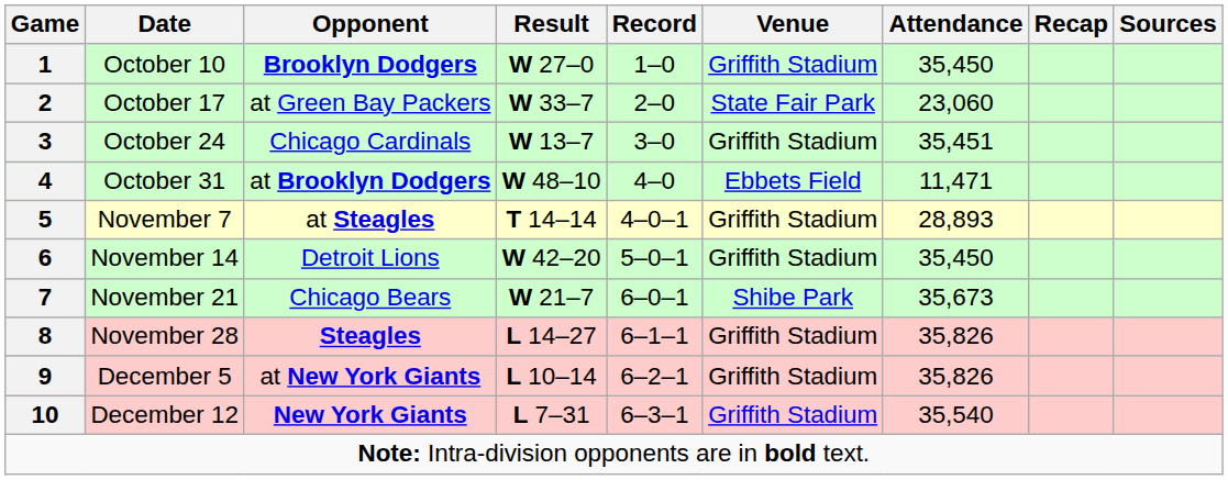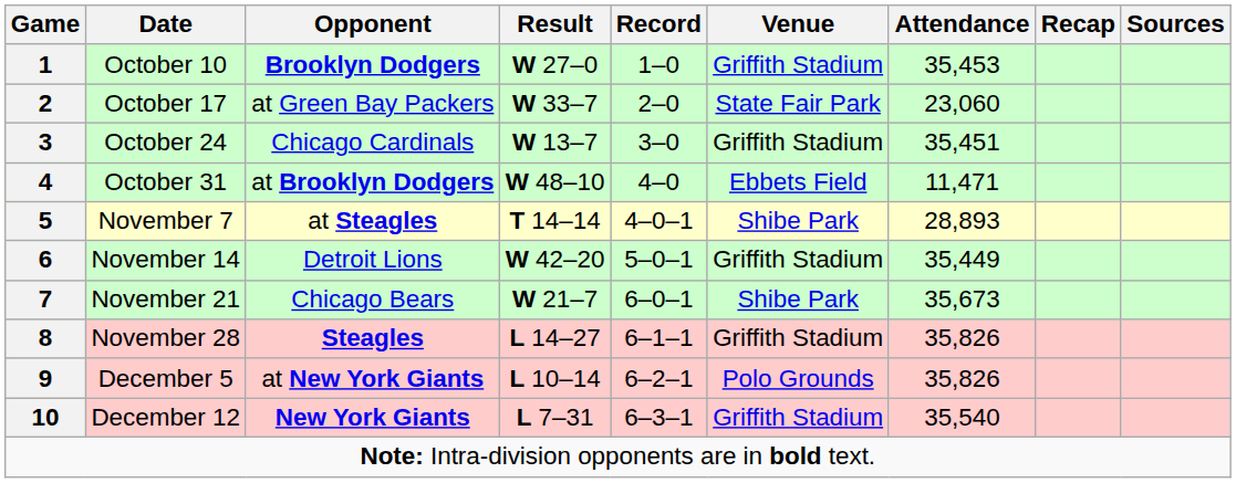 <table class="wikitable" style="text-align:center">
 <tr>
 <th>Game</th>
 <th>Date</th>
 <th>Opponent</th>
 <th>Result</th>
 <th>Record</th>
 <th>Venue</th>
 <th>Attendance</th>
 <th>Recap</th>
 <th>Sources</th>
 </tr>
 <tr style="background:#cfc">
 <th>1</th>
 <td>October 10</td>
 <td><strong><a href='#'>Brooklyn Dodgers</a></strong></td>
 <td><strong>W</strong> 27–0</td>
 <td>1–0</td>
 <td><a href='#'>Griffith Stadium</a></td>
-<td>35,450</td>
+<td>35,453</td>
 <td></td>
 <td></td>
 </tr>
 <tr style="background:#cfc">
 <th>2</th>
 <td>October 17</td>
 <td>at <a href='#'>Green Bay Packers</a></td>
 <td><strong>W</strong> 33–7</td>
 <td>2–0</td>
 <td><a href='#'>State Fair Park</a></td>
 <td>23,060</td>
 <td></td>
 <td></td>
 </tr>
 <tr style="background:#cfc">
 <th>3</th>
 <td>October 24</td>
 <td><a href='#'>Chicago Cardinals</a></td>
 <td><strong>W</strong> 13–7</td>
 <td>3–0</td>
 <td>Griffith Stadium</td>
 <td>35,451</td>
 <td></td>
 <td></td>
 </tr>
 <tr style="background:#cfc">
 <th>4</th>
 <td>October 31</td>
 <td>at <strong><a href='#'>Brooklyn Dodgers</a></strong></td>
 <td><strong>W</strong> 48–10</td>
 <td>4–0</td>
 <td><a href='#'>Ebbets Field</a></td>
 <td>11,471</td>
 <td></td>
 <td></td>
 </tr>
 <tr style="background:#ffc">
 <th>5</th>
 <td>November 7</td>
 <td>at <strong><a href='#'>Steagles</a></strong></td>
 <td><strong>T</strong> 14–14</td>
 <td>4–0–1</td>
-<td>Griffith Stadium</td>
+<td><a href='#'>Shibe Park</a></td>
 <td>28,893</td>
 <td></td>
 <td></td>
 </tr>
 <tr style="background:#cfc">
 <th>6</th>
 <td>November 14</td>
 <td><a href='#'>Detroit Lions</a></td>
 <td><strong>W</strong> 42–20</td>
 <td>5–0–1</td>
 <td>Griffith Stadium</td>
-<td>35,450</td>
+<td>35,449</td>
 <td></td>
 <td></td>
 </tr>
 <tr style="background:#cfc">
 <th>7</th>
 <td>November 21</td>
 <td><a href='#'>Chicago Bears</a></td>
 <td><strong>W</strong> 21–7</td>
 <td>6–0–1</td>
 <td><a href='#'>Shibe Park</a></td>
 <td>35,673</td>
 <td></td>
 <td></td>
 </tr>
 <tr style="background:#fcc">
 <th>8</th>
 <td>November 28</td>
 <td><strong><a href='#'>Steagles</a></strong></td>
 <td><strong>L</strong> 14–27</td>
 <td>6–1–1</td>
 <td>Griffith Stadium</td>
 <td>35,826</td>
 <td></td>
 <td></td>
 </tr>
 <tr style="background:#fcc">
 <th>9</th>
 <td>December 5</td>
 <td>at <strong><a href='#'>New York Giants</a></strong></td>
 <td><strong>L</strong> 10–14</td>
 <td>6–2–1</td>
-<td>Griffith Stadium</td>
+<td><a href='#'>Polo Grounds</a></td>
 <td>35,826</td>
 <td></td>
 <td></td>
 </tr>
 <tr style="background:#fcc">
 <th>10</th>
 <td>December 12</td>
 <td><strong><a href='#'>New York Giants</a></strong></td>
 <td><strong>L</strong> 7–31</td>
 <td>6–3–1</td>
 <td><a href='#'>Griffith Stadium</a></td>
 <td>35,540</td>
 <td></td>
 <td></td>
 </tr>
 <tr>
 <td colspan="10"><strong>Note:</strong> Intra-division opponents are in <strong>bold</strong> text.</td>
 </tr>
 </table>
